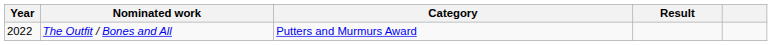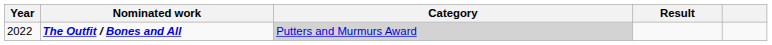 <table class=wikitable>
 <tr>
 <th width=4%>Year</th>
 <th width=26%>Nominated work</th>
 <th width=40%>Category</th>
 <th width=10%>Result</th>
 <th width=5%></th>
 </tr>
 <tr>
 <td>2022</td>
-<td><em><a href='#'>The Outfit</a> /  <a href='#'>Bones and All</a></em></td>
-<td><a href='#'>Putters and Murmurs Award</a></td>
+<td><strong><em><a href='#'>The Outfit</a> /  <a href='#'>Bones and All</a></em></strong></td>
+<td style="background: lightgrey;"><a href='#'>Putters and Murmurs Award</a></td>
 <td></td>
 <td style="text-align:center;"></td>
 </tr>
 </table>
